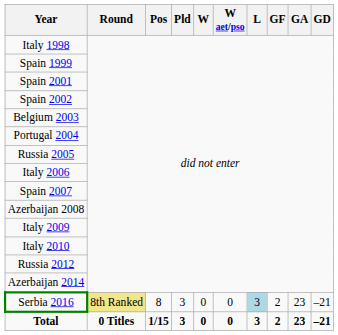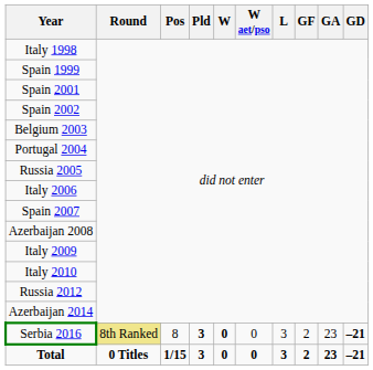 <table class="wikitable" style="text-align: center;">
 <tr>
 <th>Year</th>
 <th>Round</th>
 <th width=20>Pos</th>
 <th width=20>Pld</th>
 <th width=20>W</th>
 <th width=20>W<br><small><a href='#'>aet</a>/<a href='#'>pso</a></small></th>
 <th width=20>L</th>
 <th width=20>GF</th>
 <th width=20>GA</th>
 <th width=20>GD</th>
 </tr>
 <tr>
 <td> Italy <a href='#'>1998</a></td>
 <td rowspan=14 colspan=9><em>did not enter</em></td>
 </tr>
 <tr>
 <td> Spain <a href='#'>1999</a></td>
 </tr>
 <tr>
 <td> Spain <a href='#'>2001</a></td>
 </tr>
 <tr>
 <td> Spain <a href='#'>2002</a></td>
 </tr>
 <tr>
 <td> Belgium <a href='#'>2003</a></td>
 </tr>
 <tr>
 <td> Portugal <a href='#'>2004</a></td>
 </tr>
 <tr>
 <td> Russia <a href='#'>2005</a></td>
 </tr>
 <tr>
 <td> Italy <a href='#'>2006</a></td>
 </tr>
 <tr>
 <td> Spain <a href='#'>2007</a></td>
 </tr>
 <tr>
 <td> Azerbaijan 2008</td>
 </tr>
 <tr>
 <td> Italy <a href='#'>2009</a></td>
 </tr>
 <tr>
 <td> Italy <a href='#'>2010</a></td>
 </tr>
 <tr>
 <td> Russia <a href='#'>2012</a></td>
 </tr>
 <tr>
 <td> Azerbaijan <a href='#'>2014</a></td>
 </tr>
 <tr>
 <td style="border: 3px solid green"> Serbia <a href='#'>2016</a></td>
 <td style="background: khaki;">8th Ranked</td>
 <td>8</td>
+<td><strong>3</strong></td>
+<td><strong>0</strong></td>
+<td>0</td>
 <td>3</td>
-<td>0</td>
-<td>0</td>
-<td style="background: lightblue;">3</td>
 <td>2</td>
 <td>23</td>
-<td>–21</td>
+<td><strong>–21</strong></td>
 </tr>
 <tr>
 <td><strong>Total</strong></td>
 <td><strong>0 Titles</strong></td>
 <td><strong>1/15</strong></td>
 <td><strong>3</strong></td>
 <td><strong>0</strong></td>
 <td><strong>0</strong></td>
 <td><strong>3</strong></td>
 <td><strong>2</strong></td>
 <td><strong>23</strong></td>
 <td><strong>–21</strong></td>
 </tr>
 </table>
